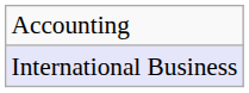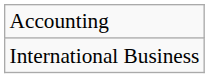 <table class="wikitable">
 <tr>
 <td>Accounting</td>
 </tr>
 <tr>
-<td style="background: lavender;">International Business</td>
+<td>International Business</td>
 </tr>
 </table>
